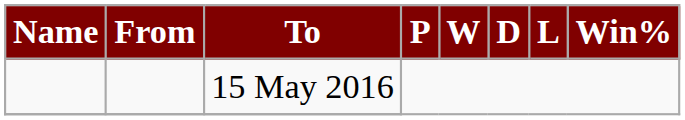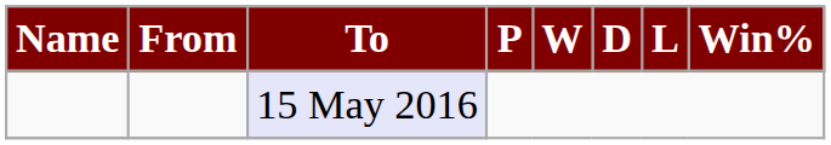 <table class="wikitable sortable" style="text-align: center;">
 <tr>
 <th style="background:maroon; color:white;" scope="col">Name</th>
 <th style="background:maroon; color:white;" scope="col">From</th>
 <th style="background:maroon; color:white;" scope="col">To</th>
 <th style="background:maroon; color:white;" scope="col">P</th>
 <th style="background:maroon; color:white;" scope="col">W</th>
 <th style="background:maroon; color:white;" scope="col">D</th>
 <th style="background:maroon; color:white;" scope="col">L</th>
 <th style="background:maroon; color:white;" scope="col">Win%</th>
 </tr>
 <tr>
 <td align=left></td>
 <td></td>
-<td>15 May 2016<br></td>
+<td style="background: lavender;">15 May 2016<br></td>
 </tr>
 <tr>
 </tr>
 </table>
